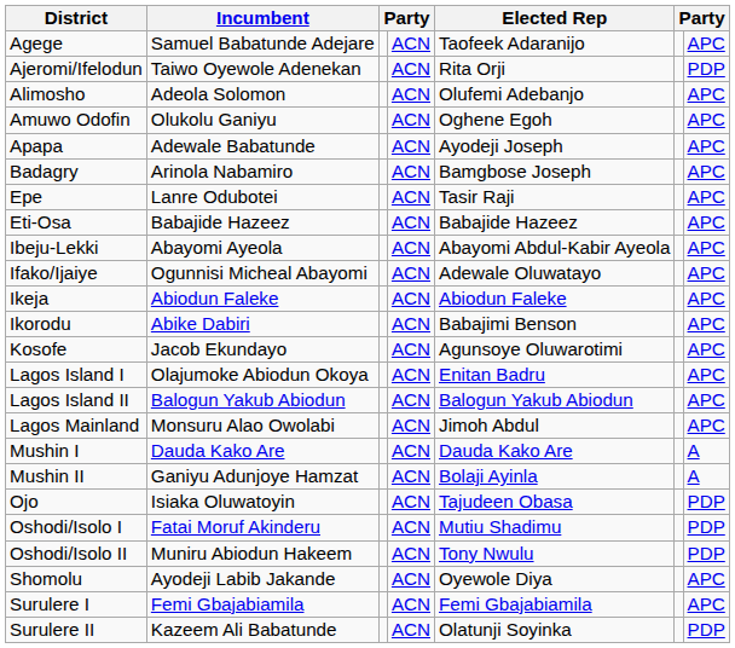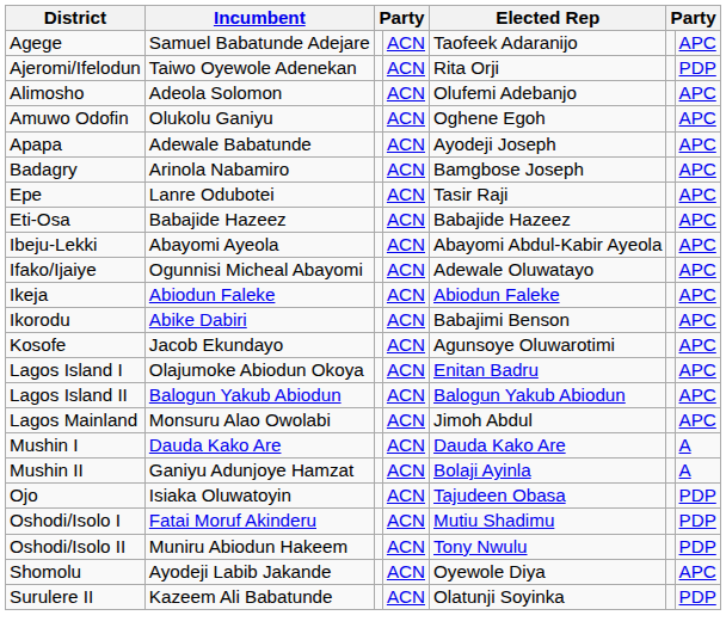 <table class="sortable wikitable" style="font-size:95%;line-height:14px;">
 <tr>
 <th class="unsortable">District</th>
 <th class="unsortable"><a href='#'>Incumbent</a></th>
 <th colspan="2">Party</th>
 <th class="unsortable">Elected Rep</th>
 <th colspan="2">Party</th>
 </tr>
 <tr>
 <td>Agege</td>
 <td>Samuel Babatunde Adejare</td>
 <td style="background:"></td>
 <td><a href='#'>ACN</a></td>
 <td>Taofeek Adaranijo</td>
 <td style="background:"></td>
 <td><a href='#'>APC</a></td>
 </tr>
 <tr>
 <td>Ajeromi/Ifelodun</td>
 <td>Taiwo Oyewole Adenekan</td>
 <td style="background:"></td>
 <td><a href='#'>ACN</a></td>
 <td>Rita Orji</td>
 <td style="background:"></td>
 <td><a href='#'>PDP</a></td>
 </tr>
 <tr>
 <td>Alimosho</td>
 <td>Adeola Solomon</td>
 <td style="background:"></td>
 <td><a href='#'>ACN</a></td>
 <td>Olufemi Adebanjo</td>
 <td style="background:"></td>
 <td><a href='#'>APC</a></td>
 </tr>
 <tr>
 <td>Amuwo Odofin</td>
 <td>Olukolu Ganiyu</td>
 <td style="background:"></td>
 <td><a href='#'>ACN</a></td>
 <td>Oghene Egoh</td>
 <td style="background:"></td>
 <td><a href='#'>APC</a></td>
 </tr>
 <tr>
 <td>Apapa</td>
 <td>Adewale Babatunde</td>
 <td style="background:"></td>
 <td><a href='#'>ACN</a></td>
 <td>Ayodeji Joseph</td>
 <td style="background:"></td>
 <td><a href='#'>APC</a></td>
 </tr>
 <tr>
 <td>Badagry</td>
 <td>Arinola Nabamiro</td>
 <td style="background:"></td>
 <td><a href='#'>ACN</a></td>
 <td>Bamgbose Joseph</td>
 <td style="background:"></td>
 <td><a href='#'>APC</a></td>
 </tr>
 <tr>
 <td>Epe</td>
 <td>Lanre Odubotei</td>
 <td style="background:"></td>
 <td><a href='#'>ACN</a></td>
 <td>Tasir Raji</td>
 <td style="background:"></td>
 <td><a href='#'>APC</a></td>
 </tr>
 <tr>
 <td>Eti-Osa</td>
 <td>Babajide Hazeez</td>
 <td style="background:"></td>
 <td><a href='#'>ACN</a></td>
 <td>Babajide Hazeez</td>
 <td style="background:"></td>
 <td><a href='#'>APC</a></td>
 </tr>
 <tr>
 <td>Ibeju-Lekki</td>
 <td>Abayomi Ayeola</td>
 <td style="background:"></td>
 <td><a href='#'>ACN</a></td>
 <td>Abayomi Abdul-Kabir Ayeola</td>
 <td style="background:"></td>
 <td><a href='#'>APC</a></td>
 </tr>
 <tr>
 <td>Ifako/Ijaiye</td>
 <td>Ogunnisi Micheal Abayomi</td>
 <td style="background:"></td>
 <td><a href='#'>ACN</a></td>
 <td>Adewale Oluwatayo</td>
 <td style="background:"></td>
 <td><a href='#'>APC</a></td>
 </tr>
 <tr>
 <td>Ikeja</td>
 <td><a href='#'>Abiodun Faleke</a></td>
 <td style="background:"></td>
 <td><a href='#'>ACN</a></td>
 <td><a href='#'>Abiodun Faleke</a></td>
 <td style="background:"></td>
 <td><a href='#'>APC</a></td>
 </tr>
 <tr>
 <td>Ikorodu</td>
 <td><a href='#'>Abike Dabiri</a></td>
 <td style="background:"></td>
 <td><a href='#'>ACN</a></td>
 <td>Babajimi Benson</td>
 <td style="background:"></td>
 <td><a href='#'>APC</a></td>
 </tr>
 <tr>
 <td>Kosofe</td>
 <td>Jacob Ekundayo</td>
 <td style="background:"></td>
 <td><a href='#'>ACN</a></td>
 <td>Agunsoye Oluwarotimi</td>
 <td style="background:"></td>
 <td><a href='#'>APC</a></td>
 </tr>
 <tr>
 <td>Lagos Island I</td>
 <td>Olajumoke Abiodun Okoya</td>
 <td style="background:"></td>
 <td><a href='#'>ACN</a></td>
 <td><a href='#'>Enitan Badru</a></td>
 <td style="background:"></td>
 <td><a href='#'>APC</a></td>
 </tr>
 <tr>
 <td>Lagos Island II</td>
 <td><a href='#'>Balogun Yakub Abiodun</a></td>
 <td style="background:"></td>
 <td><a href='#'>ACN</a></td>
 <td><a href='#'>Balogun Yakub Abiodun</a></td>
 <td style="background:"></td>
 <td><a href='#'>APC</a></td>
 </tr>
 <tr>
 <td>Lagos Mainland</td>
 <td>Monsuru Alao Owolabi</td>
 <td style="background:"></td>
 <td><a href='#'>ACN</a></td>
 <td>Jimoh Abdul</td>
 <td style="background:"></td>
 <td><a href='#'>APC</a></td>
 </tr>
 <tr>
 <td>Mushin I</td>
 <td><a href='#'>Dauda Kako Are</a></td>
 <td style="background:"></td>
 <td><a href='#'>ACN</a></td>
 <td><a href='#'>Dauda Kako Are</a></td>
 <td style="background:"></td>
 <td><a href='#'>A</a></td>
 </tr>
 <tr>
 <td>Mushin II</td>
 <td>Ganiyu Adunjoye Hamzat</td>
 <td style="background:"></td>
 <td><a href='#'>ACN</a></td>
 <td><a href='#'>Bolaji Ayinla</a></td>
 <td style="background:"></td>
 <td><a href='#'>A</a></td>
 </tr>
 <tr>
 <td>Ojo</td>
 <td>Isiaka Oluwatoyin</td>
 <td style="background:"></td>
 <td><a href='#'>ACN</a></td>
 <td><a href='#'>Tajudeen Obasa</a></td>
 <td style="background:"></td>
 <td><a href='#'>PDP</a></td>
 </tr>
 <tr>
 <td>Oshodi/Isolo I</td>
 <td><a href='#'>Fatai Moruf Akinderu</a></td>
 <td style="background:"></td>
 <td><a href='#'>ACN</a></td>
 <td><a href='#'>Mutiu Shadimu</a></td>
 <td style="background:"></td>
 <td><a href='#'>PDP</a></td>
 </tr>
 <tr>
 <td>Oshodi/Isolo II</td>
 <td>Muniru Abiodun Hakeem</td>
 <td style="background:"></td>
 <td><a href='#'>ACN</a></td>
 <td><a href='#'>Tony Nwulu</a></td>
 <td style="background:"></td>
 <td><a href='#'>PDP</a></td>
 </tr>
 <tr>
 <td>Shomolu</td>
 <td>Ayodeji Labib Jakande</td>
 <td style="background:"></td>
 <td><a href='#'>ACN</a></td>
 <td>Oyewole Diya</td>
 <td style="background:"></td>
 <td><a href='#'>APC</a></td>
 </tr>
 <tr>
-<td>Surulere I</td>
-<td><a href='#'>Femi Gbajabiamila</a></td>
-<td style="background:"></td>
-<td><a href='#'>ACN</a></td>
-<td><a href='#'>Femi Gbajabiamila</a></td>
-<td style="background:"></td>
-<td><a href='#'>APC</a></td>
-</tr>
-<tr>
 <td>Surulere II</td>
 <td>Kazeem Ali Babatunde</td>
 <td style="background:"></td>
 <td><a href='#'>ACN</a></td>
 <td>Olatunji Soyinka</td>
 <td style="background:"></td>
 <td><a href='#'>PDP</a></td>
 </tr>
 </table>
